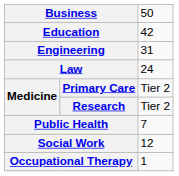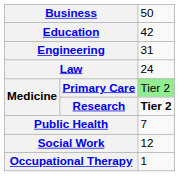 <table class="wikitable floatright">
 <tr>
 <th colspan=2 scope=row><a href='#'>Business</a></th>
 <td>50</td>
 </tr>
 <tr>
 <th colspan=2 scope=row><a href='#'>Education</a></th>
 <td>42</td>
 </tr>
 <tr>
 <th colspan=2 scope=row><a href='#'>Engineering</a></th>
 <td>31</td>
 </tr>
 <tr>
 <th colspan=2 scope=row><a href='#'>Law</a></th>
 <td>24</td>
 </tr>
 <tr>
 <th rowspan=2 scope=rowgroup>Medicine</th>
 <th scope=row><a href='#'>Primary Care</a></th>
-<td>Tier 2</td>
+<td style="background: lightgreen;">Tier 2</td>
 </tr>
 <tr>
 <th scope=row><a href='#'>Research</a></th>
-<td>Tier 2</td>
+<td><strong>Tier 2</strong></td>
 </tr>
 <tr>
 <th colspan=2 scope=row><a href='#'>Public Health</a></th>
 <td>7</td>
 </tr>
 <tr>
 <th colspan=2 scope=row><a href='#'>Social Work</a></th>
 <td>12</td>
 </tr>
 <tr>
 <th colspan=2 scope=row><a href='#'>Occupational Therapy</a></th>
 <td>1</td>
 </tr>
 </table>
